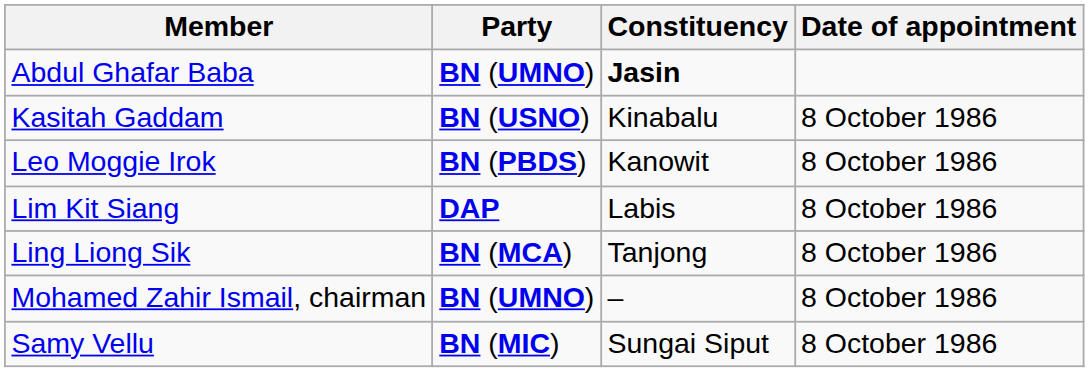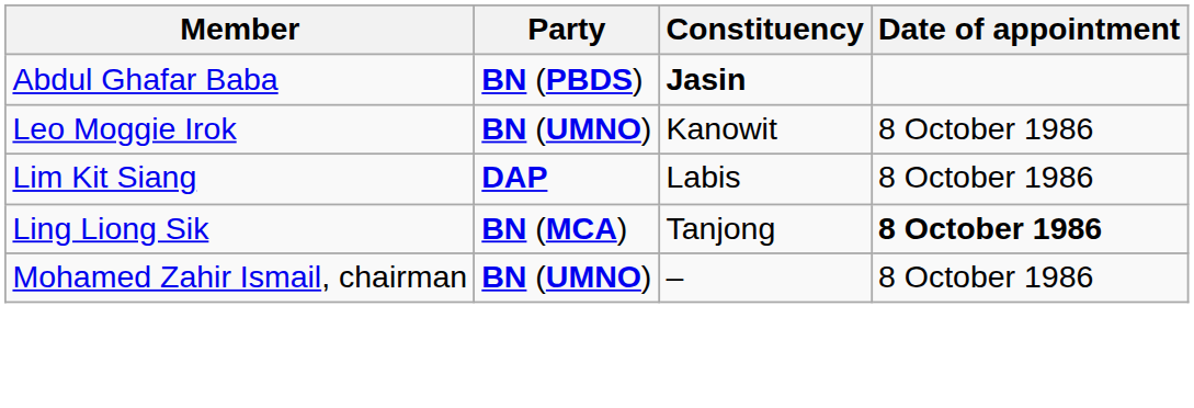 <table class=wikitable>
 <tr>
 <th>Member</th>
 <th>Party</th>
 <th>Constituency</th>
 <th>Date of appointment</th>
 </tr>
 <tr>
 <td><a href='#'>Abdul Ghafar Baba</a></td>
-<td><strong><a href='#'>BN</a></strong> (<strong><a href='#'>UMNO</a></strong>)</td>
+<td><strong><a href='#'>BN</a></strong> (<strong><a href='#'>PBDS</a></strong>)</td>
 <td><strong>Jasin</strong></td>
 <td></td>
 </tr>
 <tr>
-<td><a href='#'>Kasitah Gaddam</a></td>
-<td><strong><a href='#'>BN</a></strong> (<strong><a href='#'>USNO</a></strong>)</td>
-<td>Kinabalu</td>
-<td>8 October 1986</td>
-</tr>
-<tr>
 <td><a href='#'>Leo Moggie Irok</a></td>
-<td><strong><a href='#'>BN</a></strong> (<strong><a href='#'>PBDS</a></strong>)</td>
+<td><strong><a href='#'>BN</a></strong> (<strong><a href='#'>UMNO</a></strong>)</td>
 <td>Kanowit</td>
 <td>8 October 1986</td>
 </tr>
 <tr>
 <td><a href='#'>Lim Kit Siang</a></td>
 <td><strong><a href='#'>DAP</a></strong></td>
 <td>Labis</td>
 <td>8 October 1986</td>
 </tr>
 <tr>
 <td><a href='#'>Ling Liong Sik</a></td>
 <td><strong><a href='#'>BN</a></strong> (<strong><a href='#'>MCA</a></strong>)</td>
 <td>Tanjong</td>
-<td>8 October 1986</td>
+<td><strong>8 October 1986</strong></td>
 </tr>
 <tr>
 <td><a href='#'>Mohamed Zahir Ismail</a>, chairman</td>
 <td><strong><a href='#'>BN</a></strong> (<strong><a href='#'>UMNO</a></strong>)</td>
 <td>–</td>
 <td>8 October 1986</td>
 </tr>
-<tr>
-<td><a href='#'>Samy Vellu</a></td>
-<td><strong><a href='#'>BN</a></strong> (<strong><a href='#'>MIC</a></strong>)</td>
-<td>Sungai Siput</td>
-<td>8 October 1986</td>
-</tr>
 </table>
